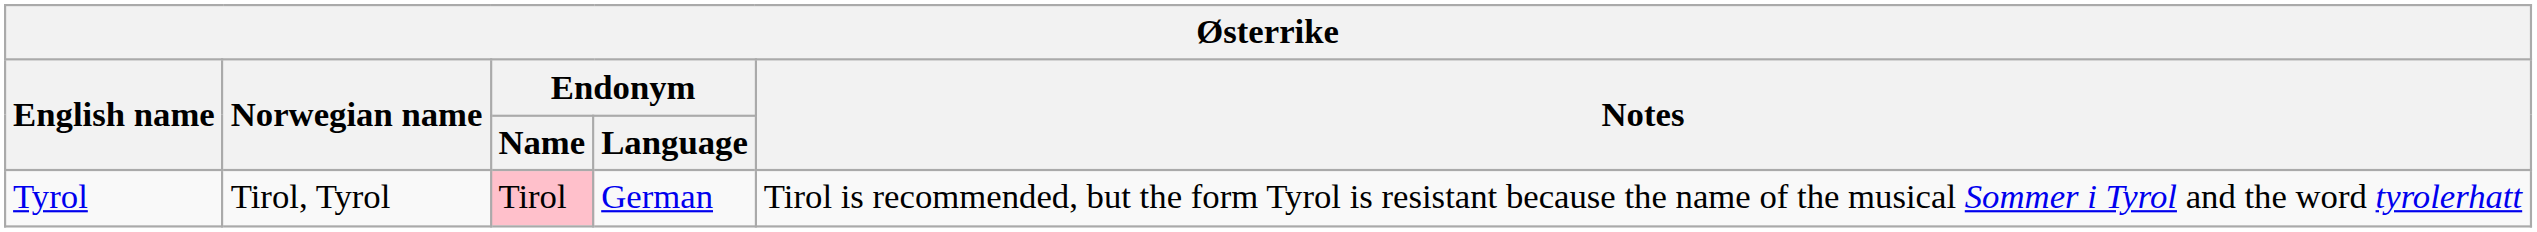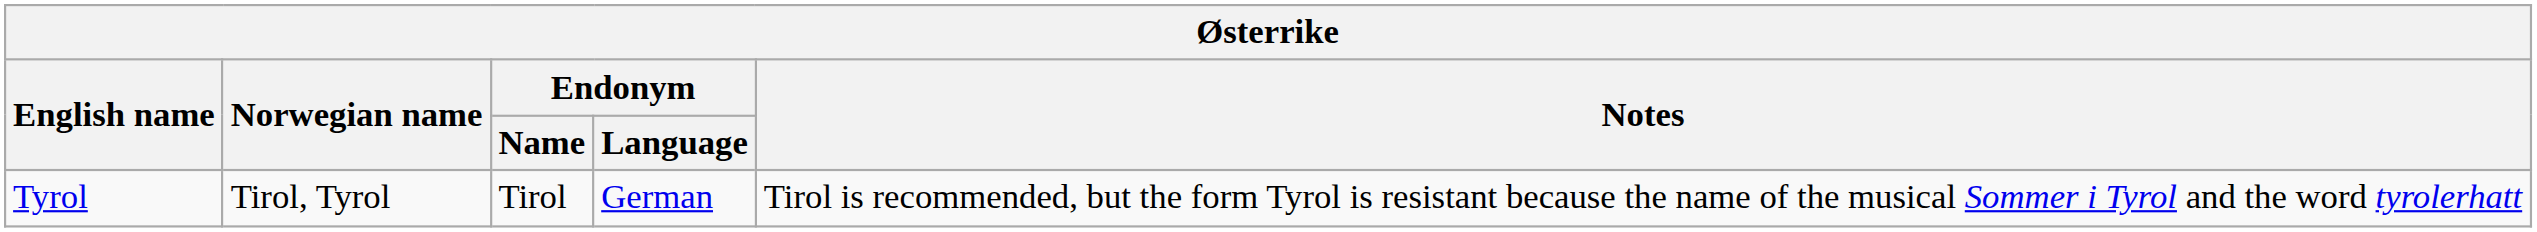 <table class="wikitable sortable">
 <tr>
 <th colspan="5"> Østerrike</th>
 </tr>
 <tr>
 <th rowspan="2">English name</th>
 <th rowspan="2">Norwegian name</th>
 <th colspan="2">Endonym</th>
 <th rowspan="2">Notes</th>
 </tr>
 <tr>
 <th>Name</th>
 <th>Language</th>
 </tr>
 <tr>
 <td><a href='#'>Tyrol</a></td>
 <td>Tirol, Tyrol</td>
-<td style="background: pink;">Tirol</td>
+<td>Tirol</td>
 <td><a href='#'>German</a></td>
 <td>Tirol is recommended, but the form Tyrol is resistant because the name of the musical <em><a href='#'>Sommer i Tyrol</a></em> and the word <em><a href='#'>tyrolerhatt</a></em></td>
 </tr>
 </table>
